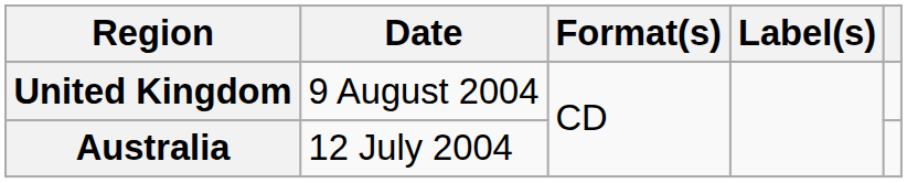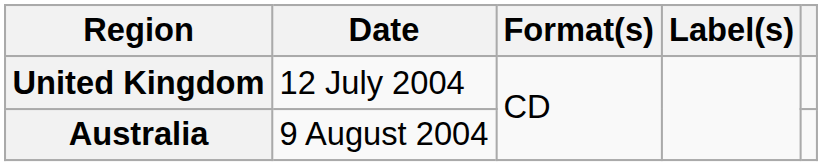 <table class="wikitable plainrowheaders">
 <tr>
 <th scope="col">Region</th>
 <th scope="col">Date</th>
 <th scope="col">Format(s)</th>
 <th scope="col">Label(s)</th>
 <th scope="col"></th>
 </tr>
 <tr>
 <th scope="row">United Kingdom</th>
-<td>9 August 2004</td>
+<td>12 July 2004</td>
 <td rowspan="2">CD</td>
 <td rowspan="2"></td>
 <td></td>
 </tr>
 <tr>
 <th scope="row">Australia</th>
-<td>12 July 2004</td>
+<td>9 August 2004</td>
 <td></td>
 </tr>
 </table>
